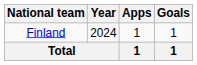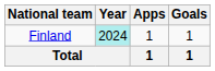 <table class="wikitable" style="text-align:center">
 <tr>
 <th>National team</th>
 <th>Year</th>
 <th>Apps</th>
 <th>Goals</th>
 </tr>
 <tr>
 <td rowspan="1"><a href='#'>Finland</a></td>
-<td>2024</td>
+<td style="background: paleturquoise;">2024</td>
 <td>1</td>
 <td>1</td>
 </tr>
 <tr>
 <th colspan="2">Total</th>
 <th>1</th>
 <th>1</th>
 </tr>
 </table>
